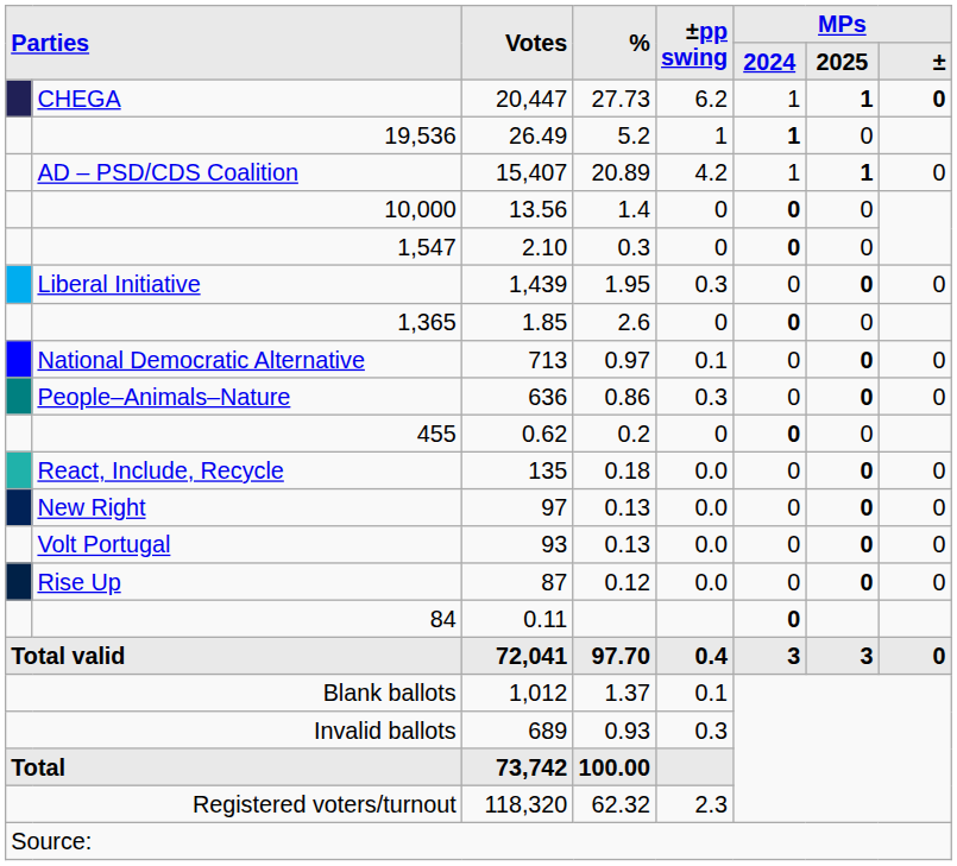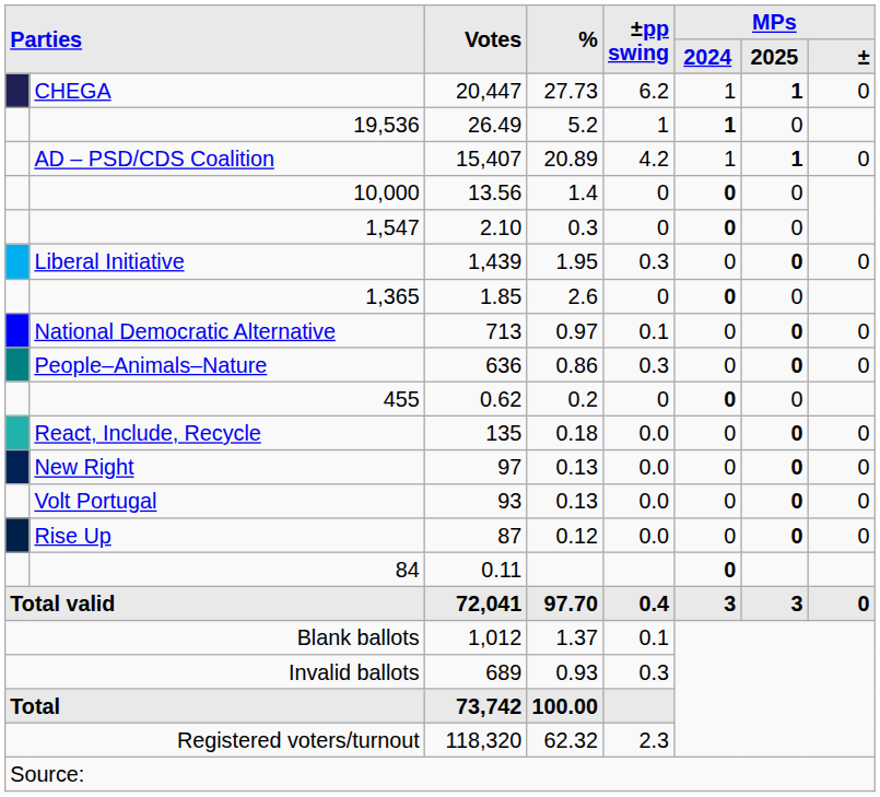 <table class="wikitable" style="text-align:right; font-size:95%;">
 <tr>
 <th rowspan="2" colspan="2" style="background:#e9e9e9; text-align:left;" alignleft><a href='#'>Parties</a></th>
 <th rowspan="2" style="background:#e9e9e9; text-align:right;">Votes</th>
 <th rowspan="2" style="background:#e9e9e9; text-align:right;">%</th>
 <th rowspan="2" style="background:#e9e9e9; text-align:right;">±<a href='#'>pp</a> <a href='#'>swing</a></th>
 <th colspan="3" style="background:#e9e9e9; text-align:center;"><a href='#'>MPs</a></th>
 </tr>
 <tr style="background-color:#E9E9E9">
 <th style="background-color:#E9E9E9;text-align:center;"><a href='#'>2024</a></th>
 <th style="background-color:#E9E9E9;text-align:center;">2025</th>
 <th style="background:#e9e9e9; text-align:right;">±</th>
 </tr>
 <tr>
 <td style="width: 10px" bgcolor="#202056" align="center"></td>
 <td align="left"><a href='#'>CHEGA</a></td>
 <td>20,447</td>
 <td>27.73</td>
 <td>6.2</td>
 <td>1</td>
 <td><strong>1</strong></td>
-<td><strong>0</strong></td>
+<td>0</td>
 </tr>
 <tr>
 <td></td>
 <td>19,536</td>
 <td>26.49</td>
 <td>5.2</td>
 <td>1</td>
 <td><strong>1</strong></td>
 <td>0</td>
 </tr>
 <tr>
 <td style="width: 10px" bgcolor=></td>
 <td align="left"><a href='#'>AD – PSD/CDS Coalition</a> </td>
 <td>15,407</td>
 <td>20.89</td>
 <td>4.2</td>
 <td>1</td>
 <td><strong>1</strong></td>
 <td>0</td>
 </tr>
 <tr>
 <td></td>
 <td>10,000</td>
 <td>13.56</td>
 <td>1.4</td>
 <td>0</td>
 <td><strong>0</strong></td>
 <td>0</td>
 </tr>
 <tr>
 <td></td>
 <td>1,547</td>
 <td>2.10</td>
 <td>0.3</td>
 <td>0</td>
 <td><strong>0</strong></td>
 <td>0</td>
 </tr>
 <tr>
 <td style="width: 10px" bgcolor="#00ADEF" align="center"></td>
 <td align="left"><a href='#'>Liberal Initiative</a></td>
 <td>1,439</td>
 <td>1.95</td>
 <td>0.3</td>
 <td>0</td>
 <td><strong>0</strong></td>
 <td>0</td>
 </tr>
 <tr>
 <td></td>
 <td>1,365</td>
 <td>1.85</td>
 <td>2.6</td>
 <td>0</td>
 <td><strong>0</strong></td>
 <td>0</td>
 </tr>
 <tr>
 <td style="width: 10px" bgcolor="blue" align="center"></td>
 <td align="left"><a href='#'>National Democratic Alternative</a></td>
 <td>713</td>
 <td>0.97</td>
 <td>0.1</td>
 <td>0</td>
 <td><strong>0</strong></td>
 <td>0</td>
 </tr>
 <tr>
 <td style="width: 10px" bgcolor="teal" align="center"></td>
 <td align="left"><a href='#'>People–Animals–Nature</a></td>
 <td>636</td>
 <td>0.86</td>
 <td>0.3</td>
 <td>0</td>
 <td><strong>0</strong></td>
 <td>0</td>
 </tr>
 <tr>
 <td></td>
 <td>455</td>
 <td>0.62</td>
 <td>0.2</td>
 <td>0</td>
 <td><strong>0</strong></td>
 <td>0</td>
 </tr>
 <tr>
 <td style="width: 10px" bgcolor="LightSeaGreen" align="center"></td>
 <td align="left"><a href='#'>React, Include, Recycle</a></td>
 <td>135</td>
 <td>0.18</td>
 <td>0.0</td>
 <td>0</td>
 <td><strong>0</strong></td>
 <td>0</td>
 </tr>
 <tr>
 <td style="width: 10px" bgcolor="#012257" align="center"></td>
 <td align="left"><a href='#'>New Right</a></td>
 <td>97</td>
 <td>0.13</td>
 <td>0.0</td>
 <td>0</td>
 <td><strong>0</strong></td>
 <td>0</td>
 </tr>
 <tr>
 <td style="width: 10px"></td>
 <td align="left"><a href='#'>Volt Portugal</a></td>
 <td>93</td>
 <td>0.13</td>
 <td>0.0</td>
 <td>0</td>
 <td><strong>0</strong></td>
 <td>0</td>
 </tr>
 <tr>
 <td style="width: 10px" bgcolor="#002147" align="center"></td>
 <td align="left"><a href='#'>Rise Up</a></td>
 <td>87</td>
 <td>0.12</td>
 <td>0.0</td>
 <td>0</td>
 <td><strong>0</strong></td>
 <td>0</td>
 </tr>
 <tr>
 <td></td>
 <td>84</td>
 <td>0.11</td>
 <td></td>
 <td></td>
 <td><strong>0</strong></td>
 <td></td>
 </tr>
 <tr>
 <td colspan=2 width="288" align=left style="background-color:#E9E9E9"><strong>Total valid</strong></td>
 <td width="65" align="right" style="background-color:#E9E9E9"><strong>72,041</strong></td>
 <td width="40" align="right" style="background-color:#E9E9E9"><strong>97.70</strong></td>
 <td width="40" align="right" style="background-color:#E9E9E9"><strong>0.4</strong></td>
 <td width="40" align="right" style="background-color:#E9E9E9"><strong>3</strong></td>
 <td width="40" align="right" style="background-color:#E9E9E9"><strong>3</strong></td>
 <td width="40" align="right" style="background-color:#E9E9E9"><strong>0</strong></td>
 </tr>
 <tr>
 <td colspan=2>Blank ballots</td>
 <td>1,012</td>
 <td>1.37</td>
 <td>0.1</td>
 <td colspan=3 rowspan=4></td>
 </tr>
 <tr>
 <td colspan=2>Invalid ballots</td>
 <td>689</td>
 <td>0.93</td>
 <td>0.3</td>
 </tr>
 <tr>
 <td colspan=2 align=left style="background-color:#E9E9E9"><strong>Total</strong></td>
 <td width="50" align="right" style="background-color:#E9E9E9"><strong>73,742</strong></td>
 <td width="40" align="right" style="background-color:#E9E9E9"><strong>100.00</strong></td>
 <td width="40" align="right" style="background-color:#E9E9E9"></td>
 </tr>
 <tr>
 <td colspan=2>Registered voters/turnout</td>
 <td>118,320</td>
 <td>62.32</td>
 <td>2.3</td>
 </tr>
 <tr>
 <td colspan=8 align=left>Source: </td>
 </tr>
 </table>
